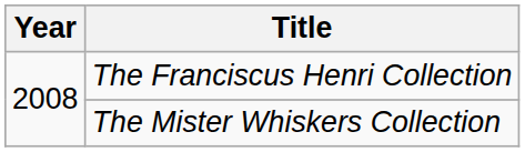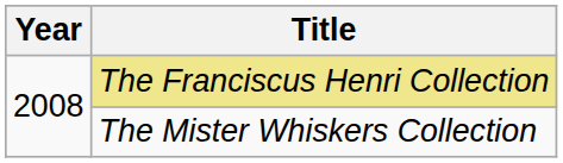 <table class="wikitable">
 <tr>
 <th>Year</th>
 <th>Title</th>
 </tr>
 <tr>
 <td rowspan="2">2008</td>
-<td><em>The Franciscus Henri Collection</em></td>
+<td style="background: khaki;"><em>The Franciscus Henri Collection</em></td>
 </tr>
 <tr>
 <td><em>The Mister Whiskers Collection</em></td>
 </tr>
 </table>
